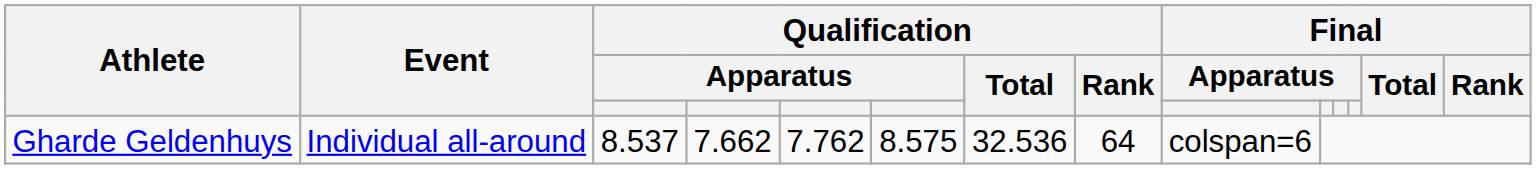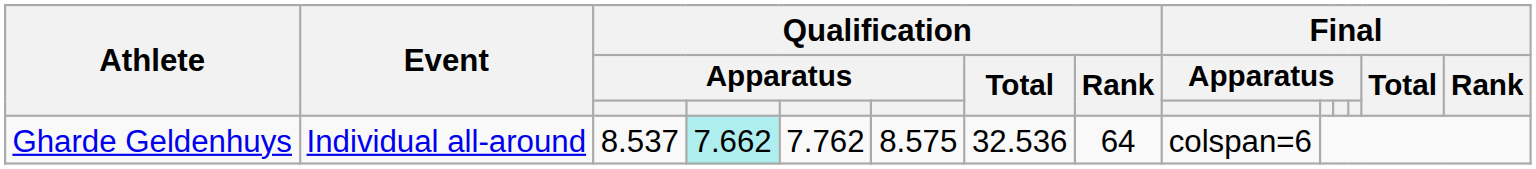 <table class="wikitable" style="font-size:90%">
 <tr>
 <th rowspan=3>Athlete</th>
 <th rowspan=3>Event</th>
 <th colspan =6>Qualification</th>
 <th colspan =6>Final</th>
 </tr>
 <tr style="font-size:95%">
 <th colspan=4>Apparatus</th>
 <th rowspan=2>Total</th>
 <th rowspan=2>Rank</th>
 <th colspan=4>Apparatus</th>
 <th rowspan=2>Total</th>
 <th rowspan=2>Rank</th>
 </tr>
 <tr style="font-size:95%">
 <th></th>
 <th></th>
 <th></th>
 <th></th>
 <th></th>
 <th></th>
 <th></th>
 <th></th>
 </tr>
 <tr align=center>
 <td align=left><a href='#'>Gharde Geldenhuys</a></td>
 <td align=left><a href='#'>Individual all-around</a></td>
 <td>8.537</td>
-<td>7.662</td>
+<td style="background: paleturquoise;">7.662</td>
 <td>7.762</td>
 <td>8.575</td>
 <td>32.536</td>
 <td>64</td>
 <td>colspan=6 </td>
 </tr>
 </table>
